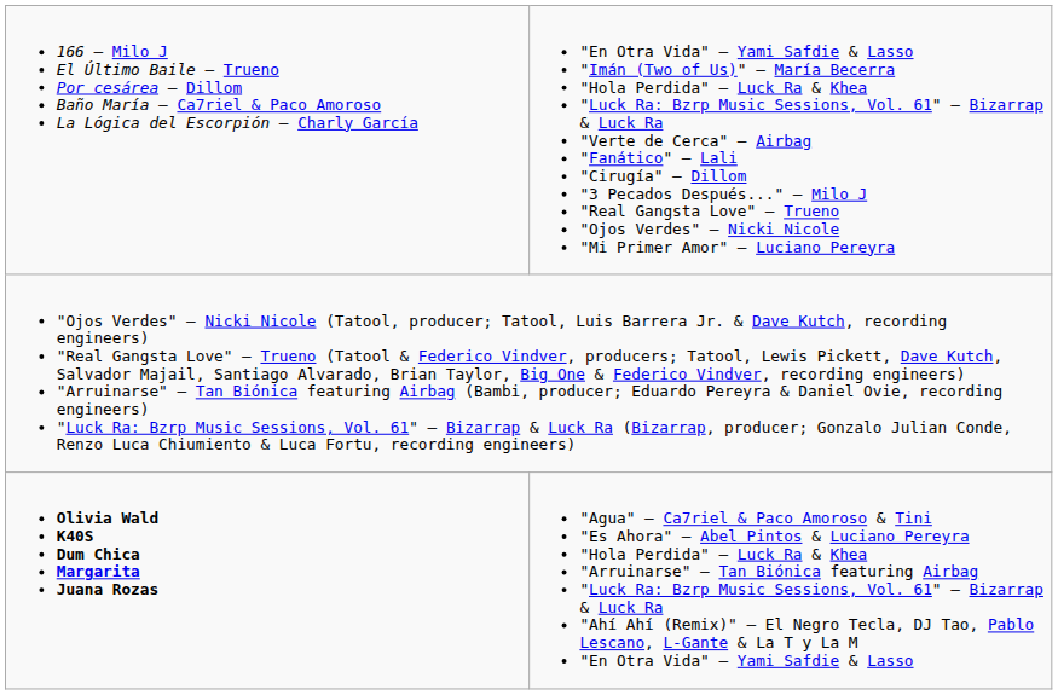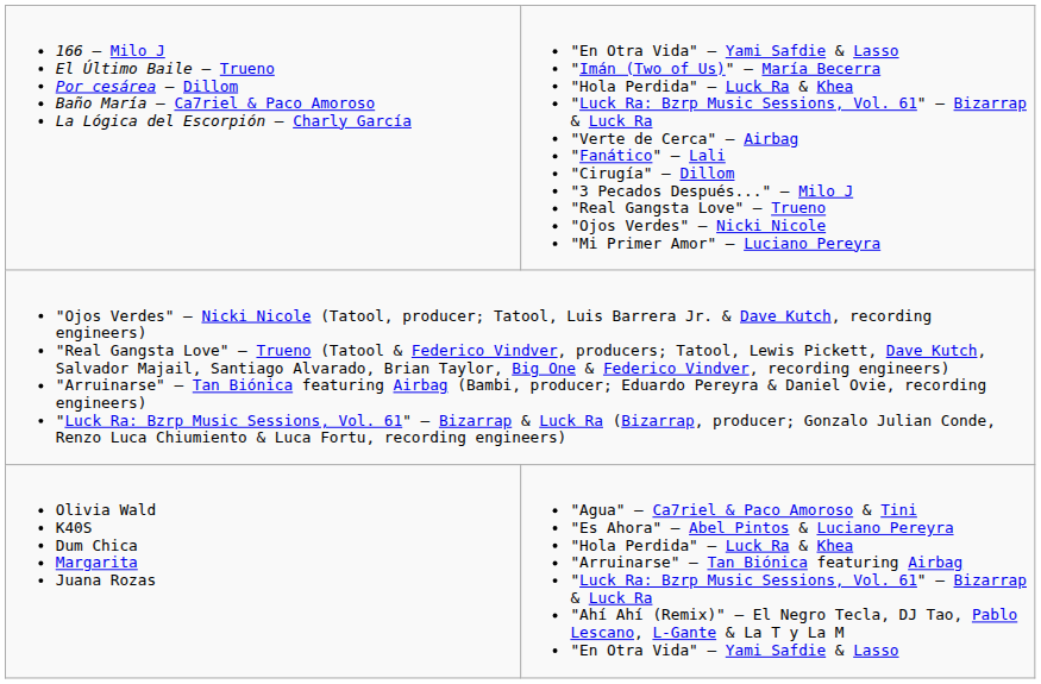 <table class="wikitable" width="100%">
 <tr>
 <td style="vertical-align:top;" width="50%"><br><ul><li><em>166</em> – <a href='#'>Milo J</a></li><li><em>El Último Baile</em> – <a href='#'>Trueno</a></li><li><em><a href='#'>Por cesárea</a></em> – <a href='#'>Dillom</a></li><li><em>Baño María</em> – <a href='#'>Ca7riel & Paco Amoroso</a></li><li><em>La Lógica del Escorpión</em> – <a href='#'>Charly García</a></li></ul></td>
 <td style="vertical-align:top;" width="50%"><br><ul><li>"En Otra Vida" – <a href='#'>Yami Safdie</a> & <a href='#'>Lasso</a></li><li>"<a href='#'>Imán (Two of Us)</a>" – <a href='#'>María Becerra</a></li><li>"Hola Perdida" – <a href='#'>Luck Ra</a> & <a href='#'>Khea</a></li><li>"<a href='#'>Luck Ra: Bzrp Music Sessions, Vol. 61</a>" – <a href='#'>Bizarrap</a> & <a href='#'>Luck Ra</a></li><li>"Verte de Cerca" – <a href='#'>Airbag</a></li><li>"<a href='#'>Fanático</a>" – <a href='#'>Lali</a></li><li>"Cirugía" – <a href='#'>Dillom</a></li><li>"3 Pecados Después..." – <a href='#'>Milo J</a></li><li>"Real Gangsta Love" – <a href='#'>Trueno</a></li><li>"Ojos Verdes" – <a href='#'>Nicki Nicole</a></li><li>"Mi Primer Amor" – <a href='#'>Luciano Pereyra</a></li></ul></td>
 </tr>
 <tr>
 <td style="vertical-align:top;" width="50%" colspan="2"><br><ul><li>"Ojos Verdes" – <a href='#'>Nicki Nicole</a> (Tatool, producer; Tatool, Luis Barrera Jr. & <a href='#'>Dave Kutch</a>, recording engineers)</li><li>"Real Gangsta Love" – <a href='#'>Trueno</a> (Tatool & <a href='#'>Federico Vindver</a>, producers; Tatool, Lewis Pickett, <a href='#'>Dave Kutch</a>, Salvador Majail, Santiago Alvarado, Brian Taylor, <a href='#'>Big One</a> & <a href='#'>Federico Vindver</a>, recording engineers)</li><li>"Arruinarse" – <a href='#'>Tan Biónica</a> featuring <a href='#'>Airbag</a> (Bambi, producer; Eduardo Pereyra & Daniel Ovie, recording engineers)</li><li>"<a href='#'>Luck Ra: Bzrp Music Sessions, Vol. 61</a>" – <a href='#'>Bizarrap</a> & <a href='#'>Luck Ra</a> (<a href='#'>Bizarrap</a>, producer; Gonzalo Julian Conde, Renzo Luca Chiumiento & Luca Fortu, recording engineers)</li></ul></td>
 </tr>
 <tr>
-<td style="vertical-align:top;" width="50%"><strong><br><ul><li>Olivia Wald</li><li>K40S</li><li>Dum Chica</li><li><a href='#'>Margarita</a></li><li>Juana Rozas</li></ul></strong></td>
+<td style="vertical-align:top;" width="50%"><br><ul><li>Olivia Wald</li><li>K40S</li><li>Dum Chica</li><li><a href='#'>Margarita</a></li><li>Juana Rozas</li></ul></td>
 <td style="vertical-align:top;" width="50%"><br><ul><li>"Agua" – <a href='#'>Ca7riel & Paco Amoroso</a> & <a href='#'>Tini</a></li><li>"Es Ahora" – <a href='#'>Abel Pintos</a> & <a href='#'>Luciano Pereyra</a></li><li>"Hola Perdida" – <a href='#'>Luck Ra</a> & <a href='#'>Khea</a></li><li>"Arruinarse" – <a href='#'>Tan Biónica</a> featuring <a href='#'>Airbag</a></li><li>"<a href='#'>Luck Ra: Bzrp Music Sessions, Vol. 61</a>" – <a href='#'>Bizarrap</a> & <a href='#'>Luck Ra</a></li><li>"Ahí Ahí (Remix)" – El Negro Tecla, DJ Tao, <a href='#'>Pablo Lescano</a>, <a href='#'>L-Gante</a> & La T y La M</li><li>"En Otra Vida" – <a href='#'>Yami Safdie</a> & <a href='#'>Lasso</a></li></ul></td>
 </tr>
 </table>
